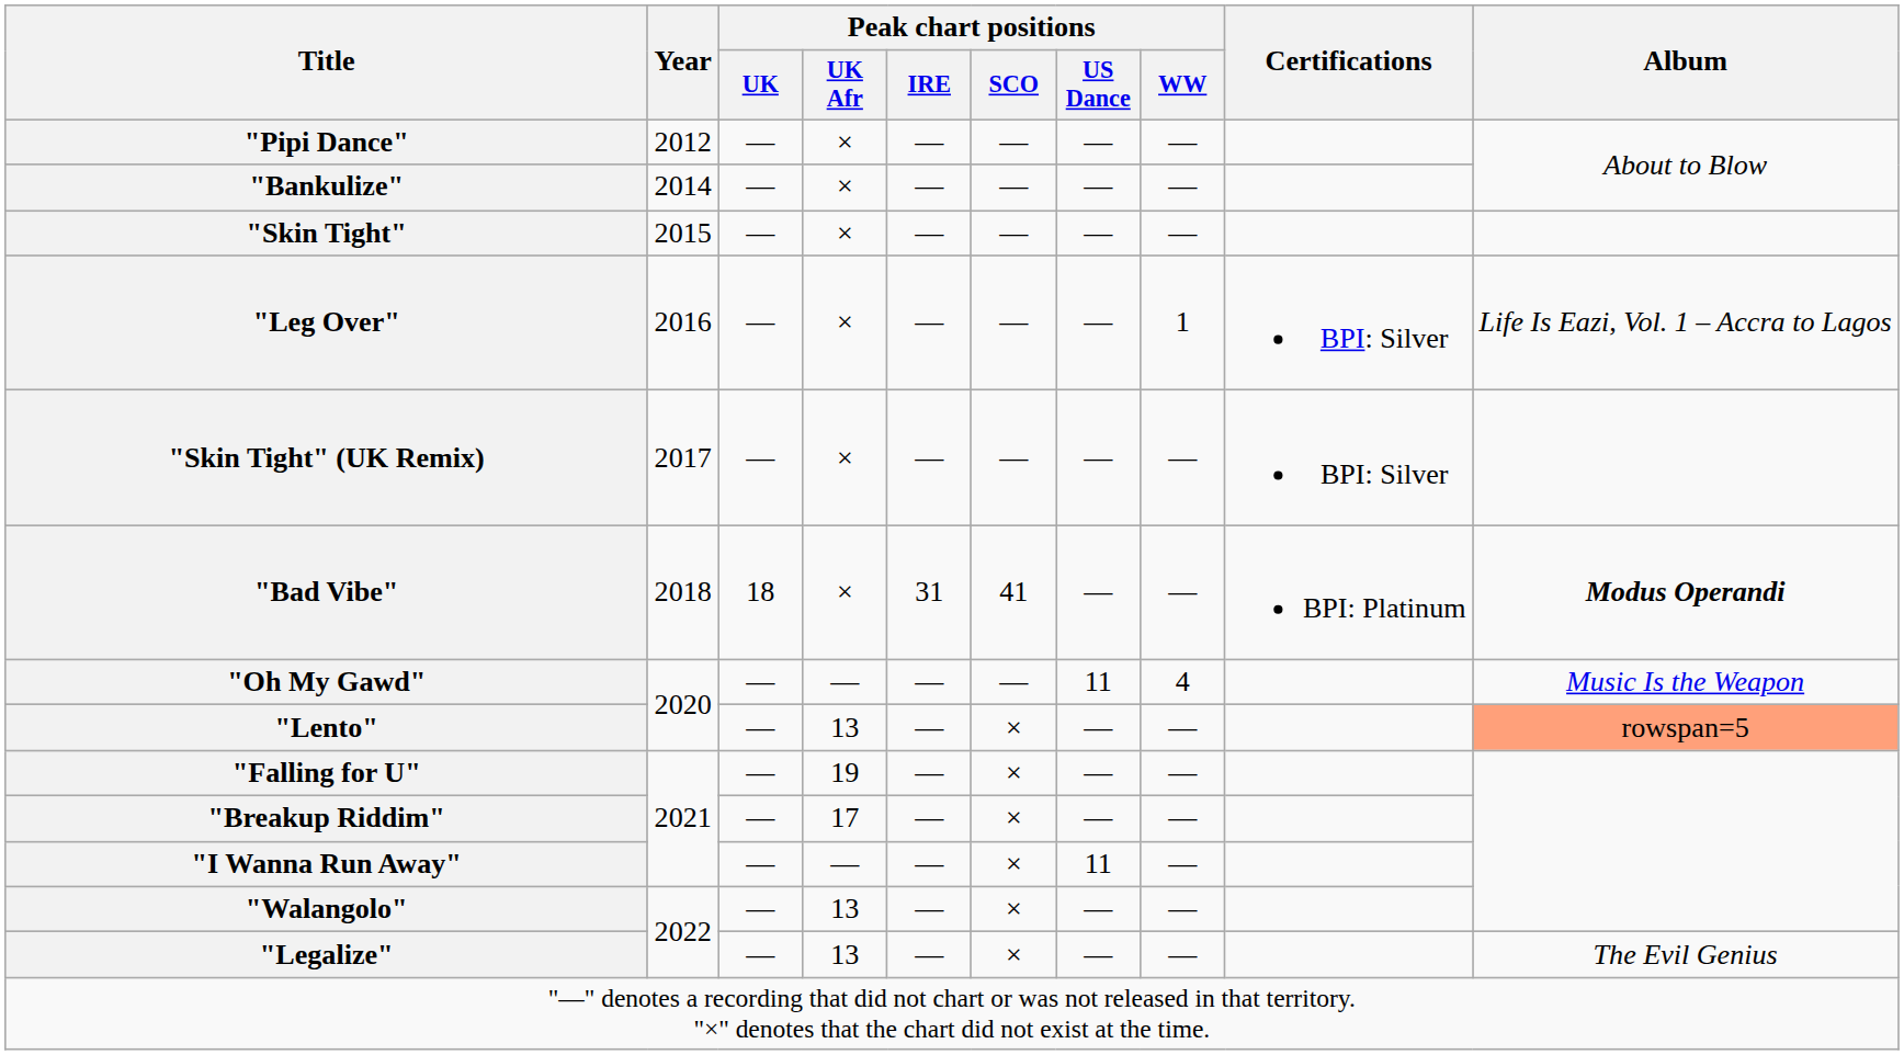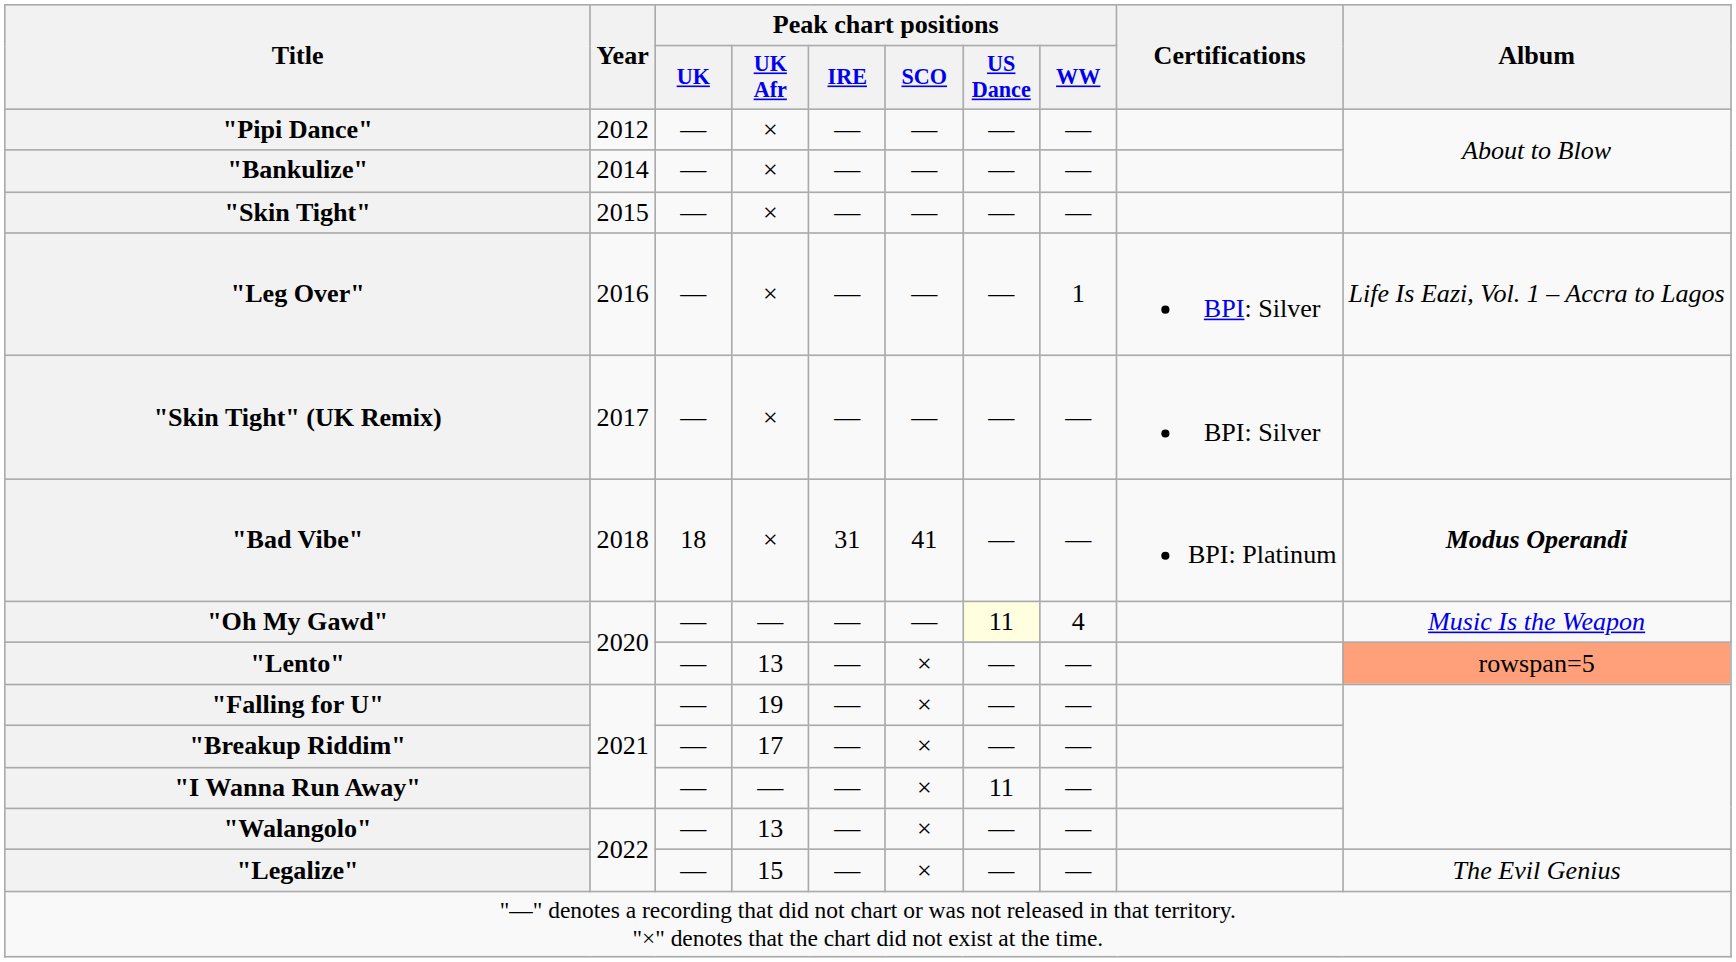 <table class="wikitable plainrowheaders" style="text-align:center;">
 <tr>
 <th scope="col" rowspan="2" style="width:22em;">Title</th>
 <th scope="col" rowspan="2">Year</th>
 <th scope="col" colspan="6">Peak chart positions</th>
 <th scope="col" rowspan="2">Certifications</th>
 <th scope="col" rowspan="2">Album</th>
 </tr>
 <tr>
 <th scope="col" style="width:3em;font-size:85%;"><a href='#'>UK</a><br></th>
 <th scope="col" style="width:3em;font-size:85%;"><a href='#'>UK<br>Afr</a><br></th>
 <th scope="col" style="width:3em;font-size:85%;"><a href='#'>IRE</a><br></th>
 <th scope="col" style="width:3em;font-size:85%;"><a href='#'>SCO</a><br></th>
 <th scope="col" style="width:3em;font-size:85%;"><a href='#'>US<br>Dance</a><br></th>
 <th scope="col" style="width:3em;font-size:85%;"><a href='#'>WW</a><br></th>
 </tr>
 <tr>
 <th scope="row">"Pipi Dance"</th>
 <td>2012</td>
 <td>—</td>
 <td>×</td>
 <td>—</td>
 <td>—</td>
 <td>—</td>
 <td>—</td>
 <td></td>
 <td rowspan=2><em>About to Blow</em></td>
 </tr>
 <tr>
 <th scope="row">"Bankulize"</th>
 <td>2014</td>
 <td>—</td>
 <td>×</td>
 <td>—</td>
 <td>—</td>
 <td>—</td>
 <td>—</td>
 <td></td>
 </tr>
 <tr>
 <th scope="row">"Skin Tight"<br></th>
 <td>2015</td>
 <td>—</td>
 <td>×</td>
 <td>—</td>
 <td>—</td>
 <td>—</td>
 <td>—</td>
 <td></td>
 <td></td>
 </tr>
 <tr>
 <th scope="row">"Leg Over"</th>
 <td>2016</td>
 <td>—</td>
 <td>×</td>
 <td>—</td>
 <td>—</td>
 <td>—</td>
 <td>1</td>
 <td><br><ul><li><a href='#'>BPI</a>: Silver</li></ul></td>
 <td><em>Life Is Eazi, Vol. 1 – Accra to Lagos</em></td>
 </tr>
 <tr>
 <th scope="row">"Skin Tight" (UK Remix)<br></th>
 <td>2017</td>
 <td>—</td>
 <td>×</td>
 <td>—</td>
 <td>—</td>
 <td>—</td>
 <td>—</td>
 <td><br><ul><li>BPI: Silver</li></ul></td>
 <td></td>
 </tr>
 <tr>
 <th scope="row">"Bad Vibe"<br></th>
 <td>2018</td>
 <td>18</td>
 <td>×</td>
 <td>31</td>
 <td>41</td>
 <td>—</td>
 <td>—</td>
 <td><br><ul><li>BPI: Platinum</li></ul></td>
 <td><strong><em>Modus Operandi</em></strong></td>
 </tr>
 <tr>
 <th scope="row">"Oh My Gawd"<br></th>
 <td rowspan = 2>2020</td>
 <td>—</td>
 <td>—</td>
 <td>—</td>
 <td>—</td>
-<td>11</td>
+<td style="background: lightyellow;">11</td>
 <td>4</td>
 <td></td>
 <td><em><a href='#'>Music Is the Weapon</a></em></td>
 </tr>
 <tr>
 <th scope="row">"Lento"<br></th>
 <td>—</td>
 <td>13</td>
 <td>—</td>
 <td>×</td>
 <td>—</td>
 <td>—</td>
 <td></td>
 <td style="background: lightsalmon;">rowspan=5 </td>
 </tr>
 <tr>
 <th scope="row">"Falling for U"<br></th>
 <td rowspan=3>2021</td>
 <td>—</td>
 <td>19</td>
 <td>—</td>
 <td>×</td>
 <td>—</td>
 <td>—</td>
 <td></td>
 </tr>
 <tr>
 <th scope="row">"Breakup Riddim"<br></th>
 <td>—</td>
 <td>17</td>
 <td>—</td>
 <td>×</td>
 <td>—</td>
 <td>—</td>
 <td></td>
 </tr>
 <tr>
 <th scope="row">"I Wanna Run Away"<br></th>
 <td>—</td>
 <td>—</td>
 <td>—</td>
 <td>×</td>
 <td>11</td>
 <td>—</td>
 <td></td>
 </tr>
 <tr>
 <th scope="row">"Walangolo"<br></th>
 <td rowspan=2>2022</td>
 <td>—</td>
 <td>13</td>
 <td>—</td>
 <td>×</td>
 <td>—</td>
 <td>—</td>
 <td></td>
 </tr>
 <tr>
 <th scope="row">"Legalize"</th>
 <td>—</td>
-<td>13</td>
+<td>15</td>
 <td>—</td>
 <td>×</td>
 <td>—</td>
 <td>—</td>
 <td></td>
 <td><em>The Evil Genius</em></td>
 </tr>
 <tr>
 <td colspan="12" style="font-size:90%">"—" denotes a recording that did not chart or was not released in that territory.<br>"×" denotes that the chart did not exist at the time.</td>
 </tr>
 </table>
